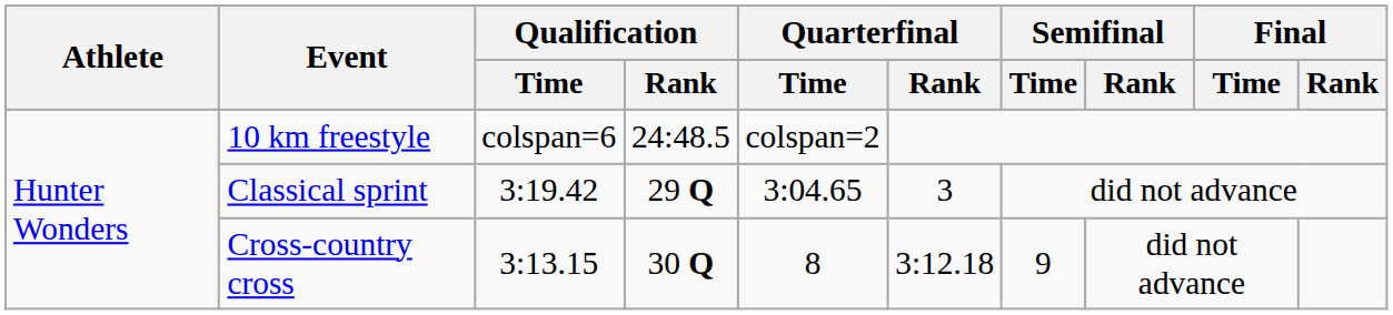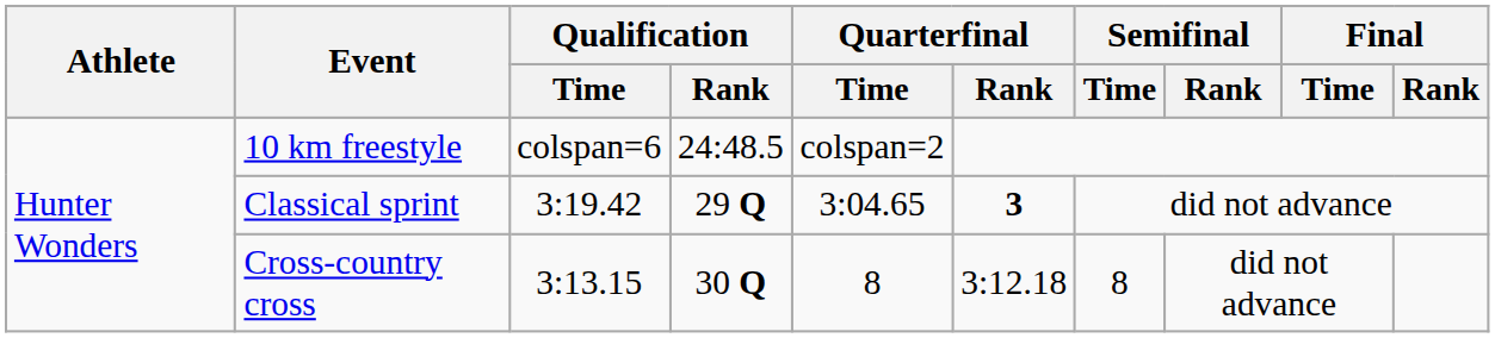 <table class="wikitable" style="font-size:90%">
 <tr>
 <th rowspan="2">Athlete</th>
 <th rowspan="2">Event</th>
 <th colspan="2">Qualification</th>
 <th colspan="2">Quarterfinal</th>
 <th colspan="2">Semifinal</th>
 <th colspan="2">Final</th>
 </tr>
 <tr style="font-size:95%">
 <th>Time</th>
 <th>Rank</th>
 <th>Time</th>
 <th>Rank</th>
 <th>Time</th>
 <th>Rank</th>
 <th>Time</th>
 <th>Rank</th>
 </tr>
 <tr align=center>
 <td align=left rowspan=3><a href='#'>Hunter Wonders</a></td>
 <td align=left><a href='#'>10 km freestyle</a></td>
 <td>colspan=6 </td>
 <td>24:48.5</td>
 <td>colspan=2 </td>
 </tr>
 <tr align=center>
 <td align=left><a href='#'>Classical sprint</a></td>
 <td>3:19.42</td>
 <td>29 <strong>Q</strong></td>
 <td>3:04.65</td>
-<td>3</td>
+<td><strong>3</strong></td>
 <td colspan=4>did not advance</td>
 </tr>
 <tr align=center>
 <td align=left><a href='#'>Cross-country cross</a></td>
 <td>3:13.15</td>
 <td>30 <strong>Q</strong></td>
 <td>8</td>
 <td>3:12.18</td>
-<td>9</td>
+<td>8</td>
 <td colspan=2>did not advance</td>
 </tr>
 </table>
